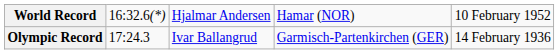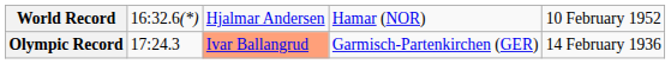 <table class="wikitable" style="font-size:95%;">
 <tr>
 <th>World Record</th>
 <td>16:32.6<em>(*)</em></td>
 <td> <a href='#'>Hjalmar Andersen</a></td>
 <td><a href='#'>Hamar</a> (<a href='#'>NOR</a>)</td>
 <td>10 February 1952</td>
 </tr>
 <tr>
 <th>Olympic Record</th>
 <td>17:24.3</td>
-<td> <a href='#'>Ivar Ballangrud</a></td>
+<td style="background: lightsalmon;"> <a href='#'>Ivar Ballangrud</a></td>
 <td><a href='#'>Garmisch-Partenkirchen</a> (<a href='#'>GER</a>)</td>
 <td>14 February 1936</td>
 </tr>
 </table>
